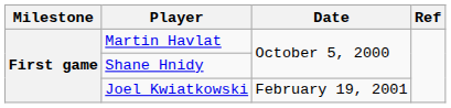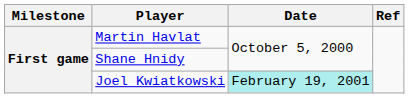 <table class="wikitable">
 <tr>
 <th scope="col">Milestone</th>
 <th scope="col">Player</th>
 <th scope="col">Date</th>
 <th scope="col">Ref</th>
 </tr>
 <tr>
 <th rowspan=3>First game</th>
 <td><a href='#'>Martin Havlat</a></td>
 <td rowspan=2>October 5, 2000</td>
 <td rowspan=3></td>
 </tr>
 <tr>
 <td><a href='#'>Shane Hnidy</a></td>
 </tr>
 <tr>
 <td><a href='#'>Joel Kwiatkowski</a></td>
-<td>February 19, 2001</td>
+<td style="background: paleturquoise;">February 19, 2001</td>
 </tr>
 </table>
